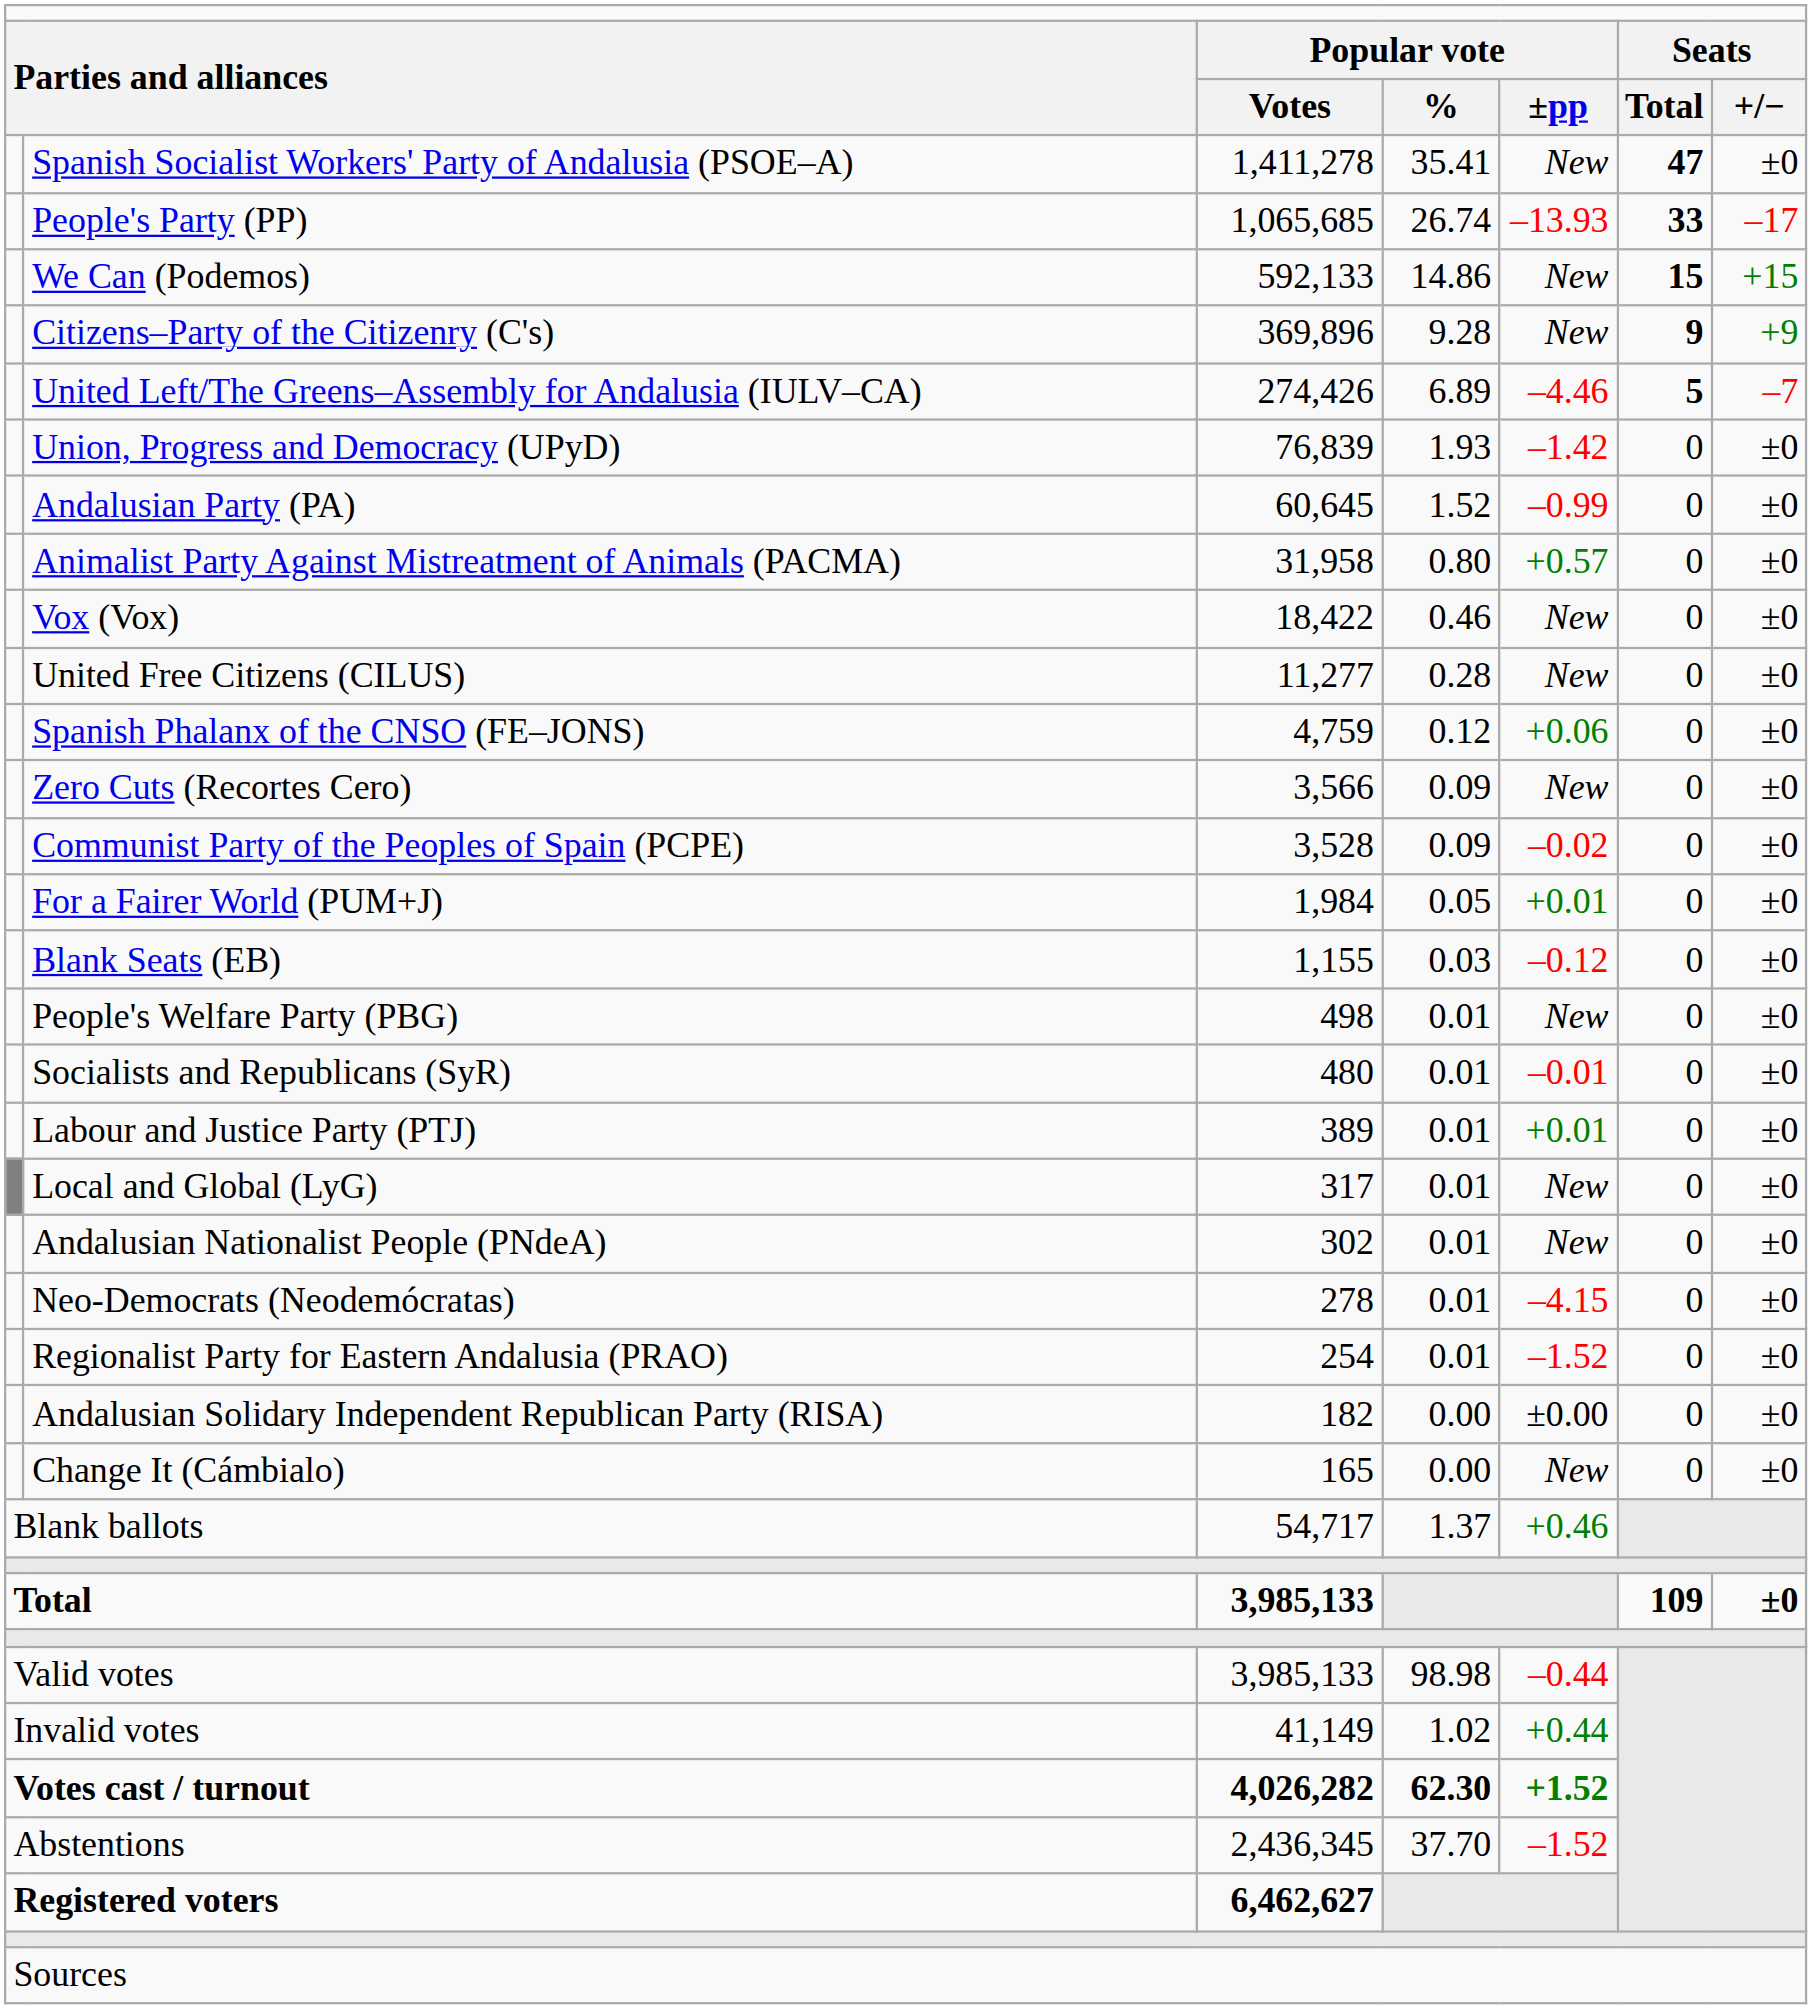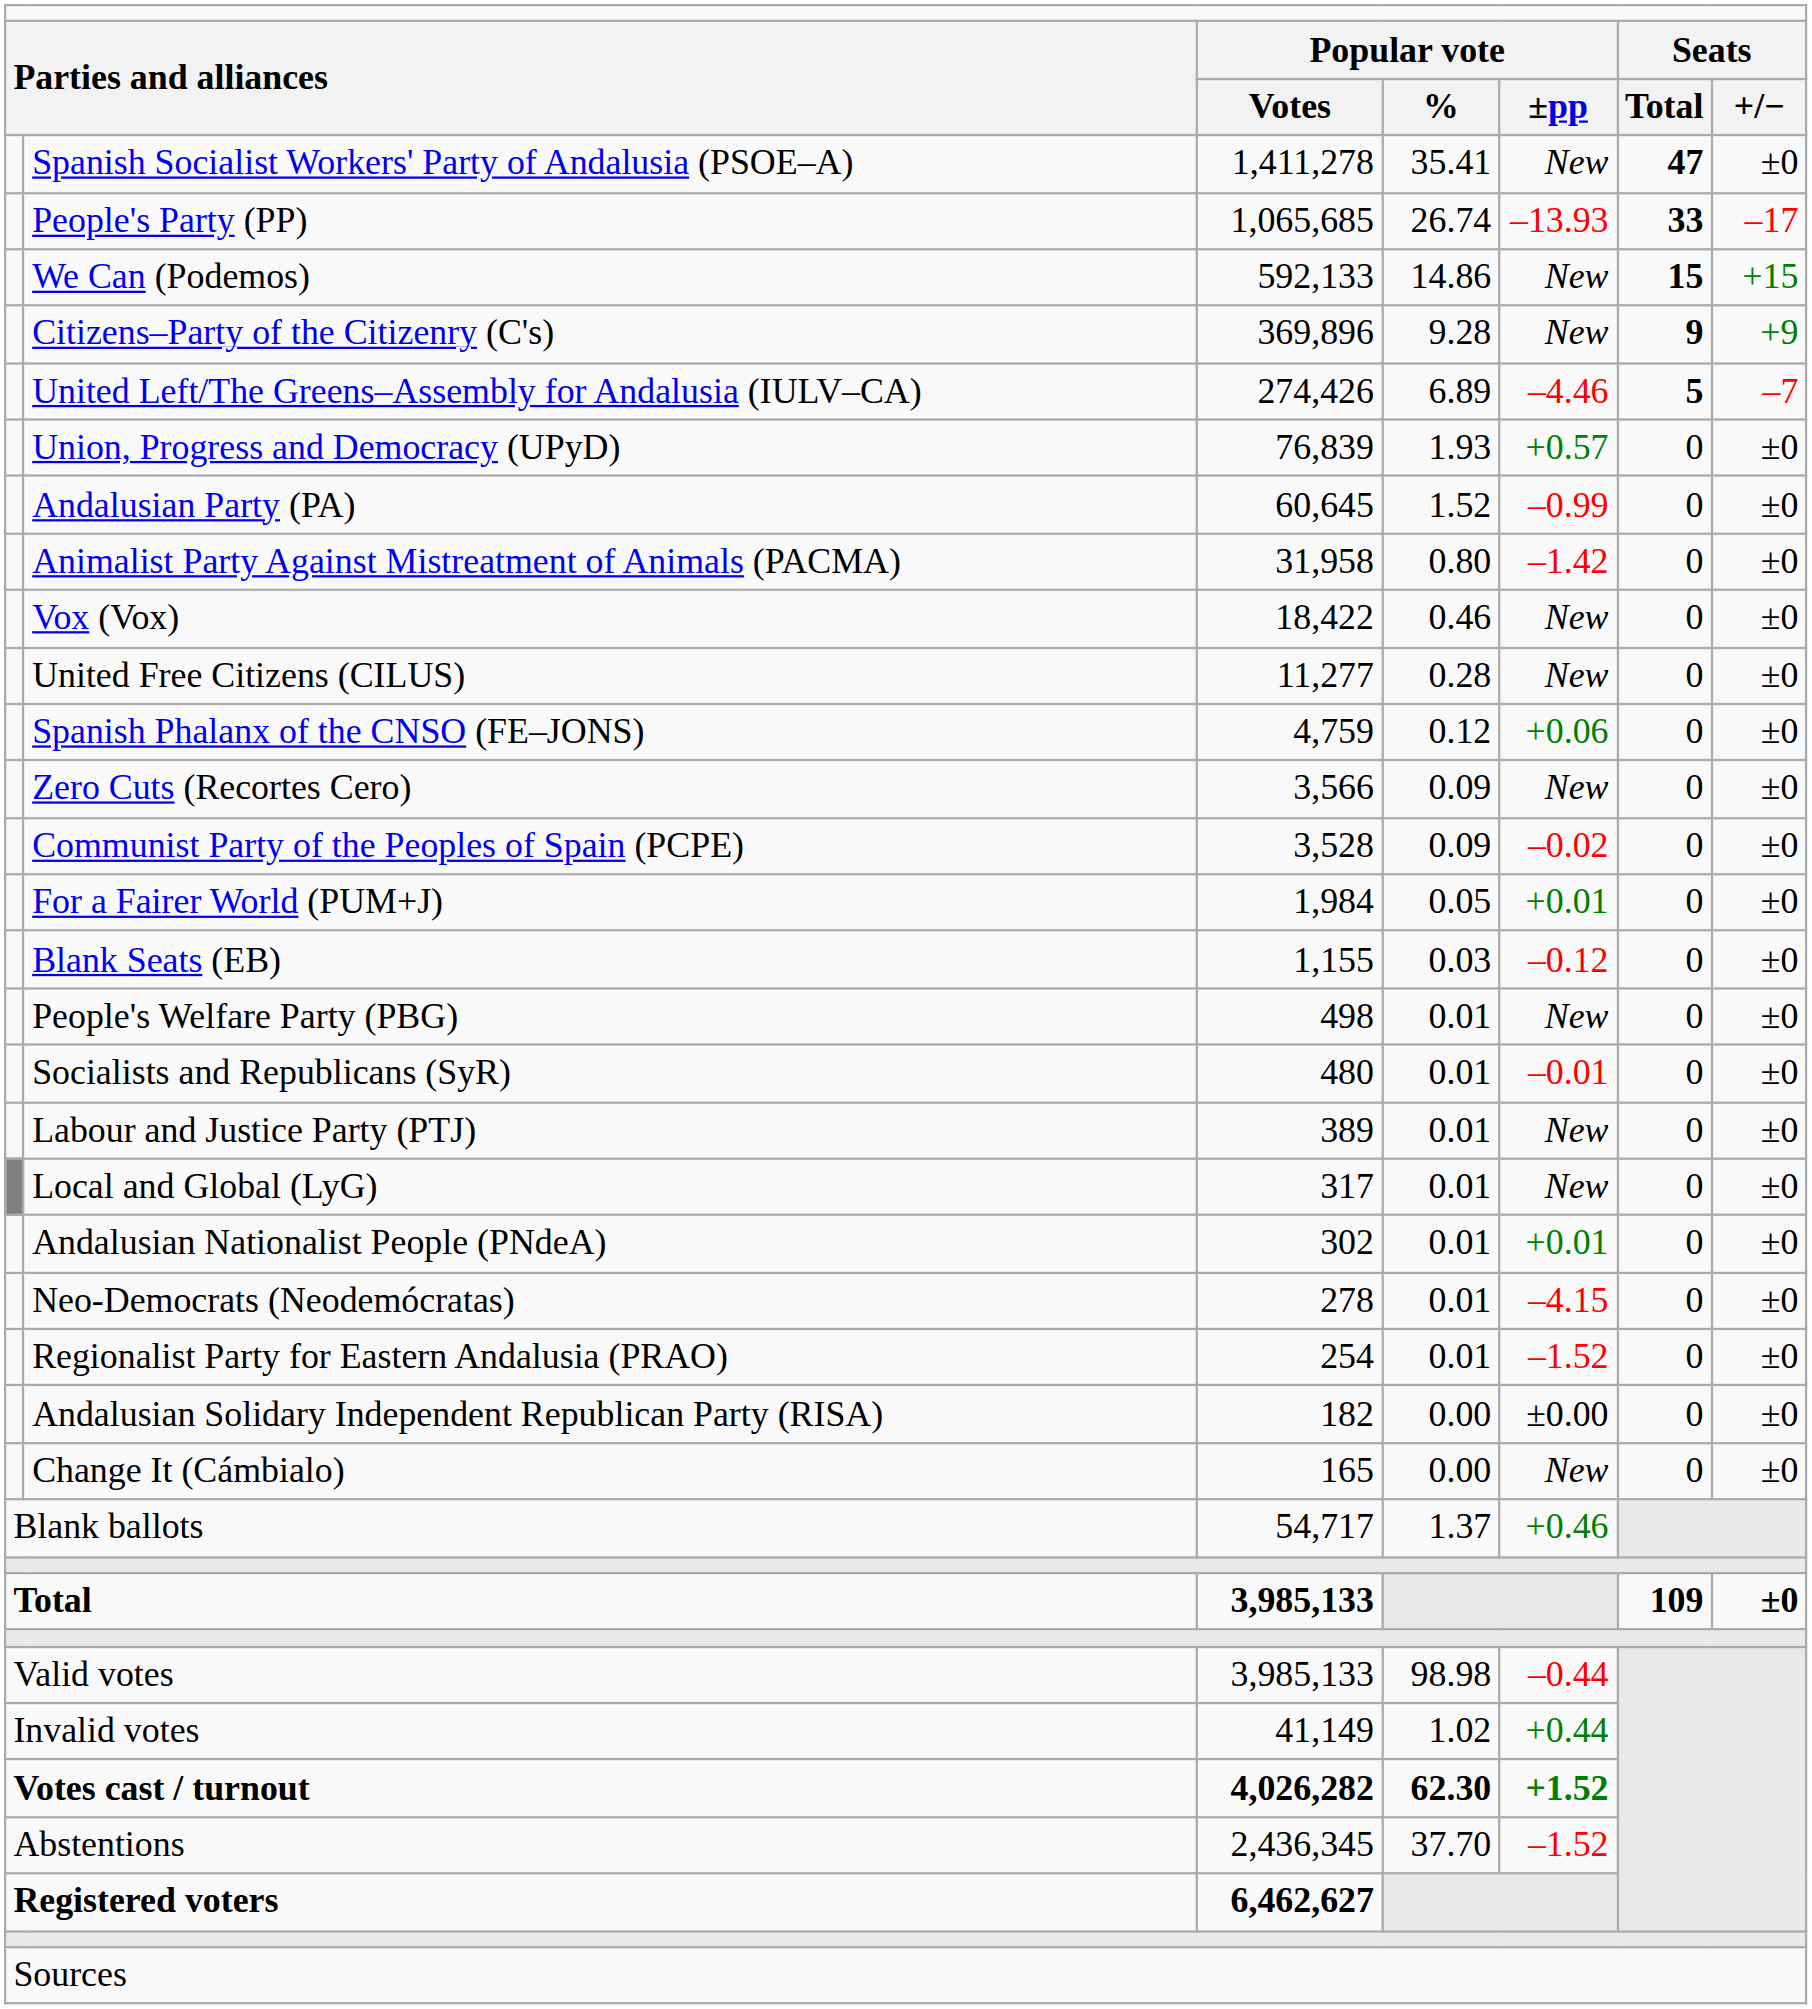 <table class="wikitable" style="text-align:right;">
 <tr>
 <td colspan="7"></td>
 </tr>
 <tr>
 <th style="text-align:left;" rowspan="2" colspan="2" width="525">Parties and alliances</th>
 <th colspan="3">Popular vote</th>
 <th colspan="2">Seats</th>
 </tr>
 <tr>
 <th width="75">Votes</th>
 <th width="45">%</th>
 <th width="45">±<a href='#'>pp</a></th>
 <th width="35">Total</th>
 <th width="35">+/−</th>
 </tr>
 <tr>
 <td width="1" style="color:inherit;background:"></td>
 <td align="left"><a href='#'>Spanish Socialist Workers' Party of Andalusia</a> (PSOE–A)</td>
 <td>1,411,278</td>
 <td>35.41</td>
 <td><em>New</em></td>
 <td><strong>47</strong></td>
 <td>±0</td>
 </tr>
 <tr>
 <td style="color:inherit;background:"></td>
 <td align="left"><a href='#'>People's Party</a> (PP)</td>
 <td>1,065,685</td>
 <td>26.74</td>
 <td style="color:red;">–13.93</td>
 <td><strong>33</strong></td>
 <td style="color:red;">–17</td>
 </tr>
 <tr>
 <td style="color:inherit;background:"></td>
 <td align="left"><a href='#'>We Can</a> (Podemos)</td>
 <td>592,133</td>
 <td>14.86</td>
 <td><em>New</em></td>
 <td><strong>15</strong></td>
 <td style="color:green;">+15</td>
 </tr>
 <tr>
 <td style="color:inherit;background:"></td>
 <td align="left"><a href='#'>Citizens–Party of the Citizenry</a> (C's)</td>
 <td>369,896</td>
 <td>9.28</td>
 <td><em>New</em></td>
 <td><strong>9</strong></td>
 <td style="color:green;">+9</td>
 </tr>
 <tr>
 <td style="color:inherit;background:"></td>
 <td align="left"><a href='#'>United Left/The Greens–Assembly for Andalusia</a> (IULV–CA)</td>
 <td>274,426</td>
 <td>6.89</td>
 <td style="color:red;">–4.46</td>
 <td><strong>5</strong></td>
 <td style="color:red;">–7</td>
 </tr>
 <tr>
 <td style="color:inherit;background:"></td>
 <td align="left"><a href='#'>Union, Progress and Democracy</a> (UPyD)</td>
 <td>76,839</td>
 <td>1.93</td>
-<td style="color:red;">–1.42</td>
+<td style="color:green;">+0.57</td>
 <td>0</td>
 <td>±0</td>
 </tr>
 <tr>
 <td style="color:inherit;background:"></td>
 <td align="left"><a href='#'>Andalusian Party</a> (PA)</td>
 <td>60,645</td>
 <td>1.52</td>
 <td style="color:red;">–0.99</td>
 <td>0</td>
 <td>±0</td>
 </tr>
 <tr>
 <td style="color:inherit;background:"></td>
 <td align="left"><a href='#'>Animalist Party Against Mistreatment of Animals</a> (PACMA)</td>
 <td>31,958</td>
 <td>0.80</td>
-<td style="color:green;">+0.57</td>
+<td style="color:red;">–1.42</td>
 <td>0</td>
 <td>±0</td>
 </tr>
 <tr>
 <td style="color:inherit;background:"></td>
 <td align="left"><a href='#'>Vox</a> (Vox)</td>
 <td>18,422</td>
 <td>0.46</td>
 <td><em>New</em></td>
 <td>0</td>
 <td>±0</td>
 </tr>
 <tr>
 <td style="color:inherit;background:"></td>
 <td align="left">United Free Citizens (CILUS)</td>
 <td>11,277</td>
 <td>0.28</td>
 <td><em>New</em></td>
 <td>0</td>
 <td>±0</td>
 </tr>
 <tr>
 <td style="color:inherit;background:"></td>
 <td align="left"><a href='#'>Spanish Phalanx of the CNSO</a> (FE–JONS)</td>
 <td>4,759</td>
 <td>0.12</td>
 <td style="color:green;">+0.06</td>
 <td>0</td>
 <td>±0</td>
 </tr>
 <tr>
 <td style="color:inherit;background:"></td>
 <td align="left"><a href='#'>Zero Cuts</a> (Recortes Cero)</td>
 <td>3,566</td>
 <td>0.09</td>
 <td><em>New</em></td>
 <td>0</td>
 <td>±0</td>
 </tr>
 <tr>
 <td style="color:inherit;background:"></td>
 <td align="left"><a href='#'>Communist Party of the Peoples of Spain</a> (PCPE)</td>
 <td>3,528</td>
 <td>0.09</td>
 <td style="color:red;">–0.02</td>
 <td>0</td>
 <td>±0</td>
 </tr>
 <tr>
 <td style="color:inherit;background:"></td>
 <td align="left"><a href='#'>For a Fairer World</a> (PUM+J)</td>
 <td>1,984</td>
 <td>0.05</td>
 <td style="color:green;">+0.01</td>
 <td>0</td>
 <td>±0</td>
 </tr>
 <tr>
 <td style="color:inherit;background:"></td>
 <td align="left"><a href='#'>Blank Seats</a> (EB)</td>
 <td>1,155</td>
 <td>0.03</td>
 <td style="color:red;">–0.12</td>
 <td>0</td>
 <td>±0</td>
 </tr>
 <tr>
 <td style="color:inherit;background:"></td>
 <td align="left">People's Welfare Party (PBG)</td>
 <td>498</td>
 <td>0.01</td>
 <td><em>New</em></td>
 <td>0</td>
 <td>±0</td>
 </tr>
 <tr>
 <td style="color:inherit;background:"></td>
 <td align="left">Socialists and Republicans (SyR)</td>
 <td>480</td>
 <td>0.01</td>
 <td style="color:red;">–0.01</td>
 <td>0</td>
 <td>±0</td>
 </tr>
 <tr>
 <td style="color:inherit;background:"></td>
 <td align="left">Labour and Justice Party (PTJ)</td>
 <td>389</td>
 <td>0.01</td>
-<td style="color:green;">+0.01</td>
+<td><em>New</em></td>
 <td>0</td>
 <td>±0</td>
 </tr>
 <tr>
 <td bgcolor="grey"></td>
 <td align="left">Local and Global (LyG)</td>
 <td>317</td>
 <td>0.01</td>
 <td><em>New</em></td>
 <td>0</td>
 <td>±0</td>
 </tr>
 <tr>
 <td style="color:inherit;background:"></td>
 <td align="left">Andalusian Nationalist People (PNdeA)</td>
 <td>302</td>
 <td>0.01</td>
-<td><em>New</em></td>
+<td style="color:green;">+0.01</td>
 <td>0</td>
 <td>±0</td>
 </tr>
 <tr>
 <td style="color:inherit;background:"></td>
 <td align="left">Neo-Democrats (Neodemócratas)</td>
 <td>278</td>
 <td>0.01</td>
 <td style="color:red;">–4.15</td>
 <td>0</td>
 <td>±0</td>
 </tr>
 <tr>
 <td style="color:inherit;background:"></td>
 <td align="left">Regionalist Party for Eastern Andalusia (PRAO)</td>
 <td>254</td>
 <td>0.01</td>
 <td style="color:red;">–1.52</td>
 <td>0</td>
 <td>±0</td>
 </tr>
 <tr>
 <td style="color:inherit;background:"></td>
 <td align="left">Andalusian Solidary Independent Republican Party (RISA)</td>
 <td>182</td>
 <td>0.00</td>
 <td>±0.00</td>
 <td>0</td>
 <td>±0</td>
 </tr>
 <tr>
 <td style="color:inherit;background:"></td>
 <td align="left">Change It (Cámbialo)</td>
 <td>165</td>
 <td>0.00</td>
 <td><em>New</em></td>
 <td>0</td>
 <td>±0</td>
 </tr>
 <tr>
 <td align="left" colspan="2">Blank ballots</td>
 <td>54,717</td>
 <td>1.37</td>
 <td style="color:green;">+0.46</td>
 <td bgcolor="#E9E9E9" colspan="2"></td>
 </tr>
 <tr>
 <td colspan="7" bgcolor="#E9E9E9"></td>
 </tr>
 <tr style="font-weight:bold;">
 <td align="left" colspan="2">Total</td>
 <td>3,985,133</td>
 <td bgcolor="#E9E9E9" colspan="2"></td>
 <td>109</td>
 <td>±0</td>
 </tr>
 <tr>
 <td colspan="7" bgcolor="#E9E9E9"></td>
 </tr>
 <tr>
 <td align="left" colspan="2">Valid votes</td>
 <td>3,985,133</td>
 <td>98.98</td>
 <td style="color:red;">–0.44</td>
 <td bgcolor="#E9E9E9" colspan="2" rowspan="5"></td>
 </tr>
 <tr>
 <td align="left" colspan="2">Invalid votes</td>
 <td>41,149</td>
 <td>1.02</td>
 <td style="color:green;">+0.44</td>
 </tr>
 <tr style="font-weight:bold;">
 <td align="left" colspan="2">Votes cast / turnout</td>
 <td>4,026,282</td>
 <td>62.30</td>
 <td style="color:green;">+1.52</td>
 </tr>
 <tr>
 <td align="left" colspan="2">Abstentions</td>
 <td>2,436,345</td>
 <td>37.70</td>
 <td style="color:red;">–1.52</td>
 </tr>
 <tr style="font-weight:bold;">
 <td align="left" colspan="2">Registered voters</td>
 <td>6,462,627</td>
 <td bgcolor="#E9E9E9" colspan="2"></td>
 </tr>
 <tr>
 <td colspan="7" bgcolor="#E9E9E9"></td>
 </tr>
 <tr>
 <td align="left" colspan="7">Sources</td>
 </tr>
 </table>
